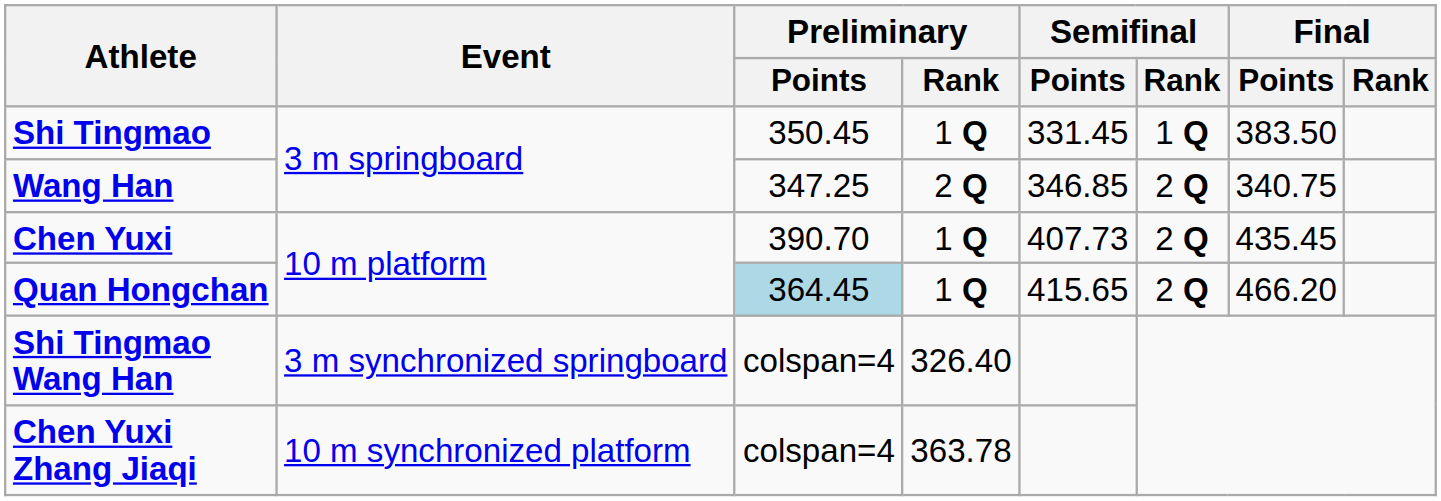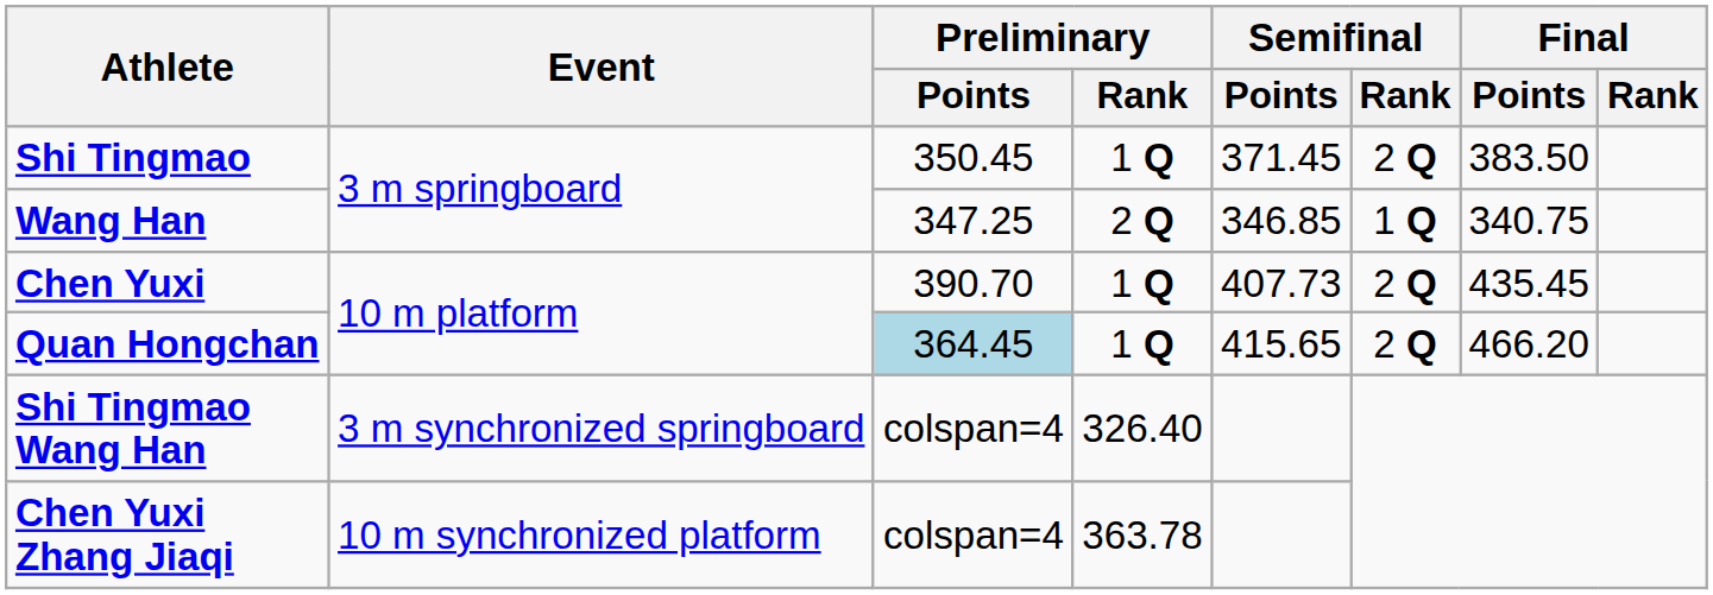 <table class=wikitable style="font-size:90%">
 <tr>
 <th rowspan="2">Athlete</th>
 <th rowspan="2">Event</th>
 <th colspan="2">Preliminary</th>
 <th colspan="2">Semifinal</th>
 <th colspan="2">Final</th>
 </tr>
 <tr style="font-size:95%">
 <th>Points</th>
 <th>Rank</th>
 <th>Points</th>
 <th>Rank</th>
 <th>Points</th>
 <th>Rank</th>
 </tr>
 <tr align=center>
 <td align=left><strong><a href='#'>Shi Tingmao</a></strong></td>
 <td align=left rowspan=2><a href='#'>3 m springboard</a></td>
 <td>350.45</td>
 <td>1 <strong>Q</strong></td>
-<td>331.45</td>
-<td>1 <strong>Q</strong></td>
+<td>371.45</td>
+<td>2 <strong>Q</strong></td>
 <td>383.50</td>
 <td></td>
 </tr>
 <tr align=center>
 <td align=left><strong><a href='#'>Wang Han</a></strong></td>
 <td>347.25</td>
 <td>2 <strong>Q</strong></td>
 <td>346.85</td>
-<td>2 <strong>Q</strong></td>
+<td>1 <strong>Q</strong></td>
 <td>340.75</td>
 <td></td>
 </tr>
 <tr align=center>
 <td align=left><strong><a href='#'>Chen Yuxi</a></strong></td>
 <td align=left rowspan=2><a href='#'>10 m platform</a></td>
 <td>390.70</td>
 <td>1 <strong>Q</strong></td>
 <td>407.73</td>
 <td>2 <strong>Q</strong></td>
 <td>435.45</td>
 <td></td>
 </tr>
 <tr align=center>
 <td align=left><strong><a href='#'>Quan Hongchan</a></strong></td>
 <td style="background: lightblue;">364.45</td>
 <td>1 <strong>Q</strong></td>
 <td>415.65</td>
 <td>2 <strong>Q</strong></td>
 <td>466.20</td>
 <td></td>
 </tr>
 <tr align=center>
 <td align=left><strong><a href='#'>Shi Tingmao</a><br><a href='#'>Wang Han</a></strong></td>
 <td align=left><a href='#'>3 m synchronized springboard</a></td>
 <td>colspan=4 </td>
 <td>326.40</td>
 <td></td>
 </tr>
 <tr align=center>
 <td align=left><strong><a href='#'>Chen Yuxi</a><br><a href='#'>Zhang Jiaqi</a></strong></td>
 <td align=left><a href='#'>10 m synchronized platform</a></td>
 <td>colspan=4 </td>
 <td>363.78</td>
 <td></td>
 </tr>
 </table>
